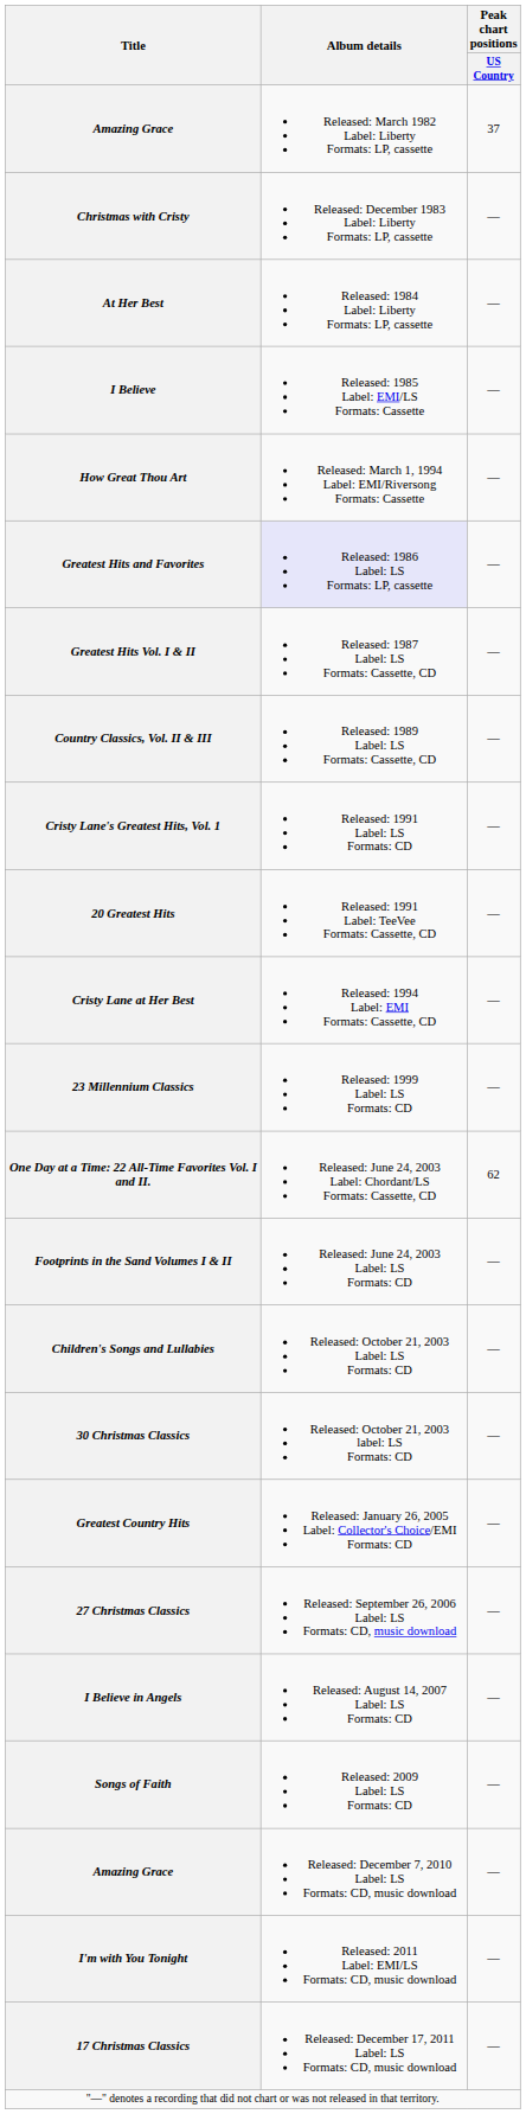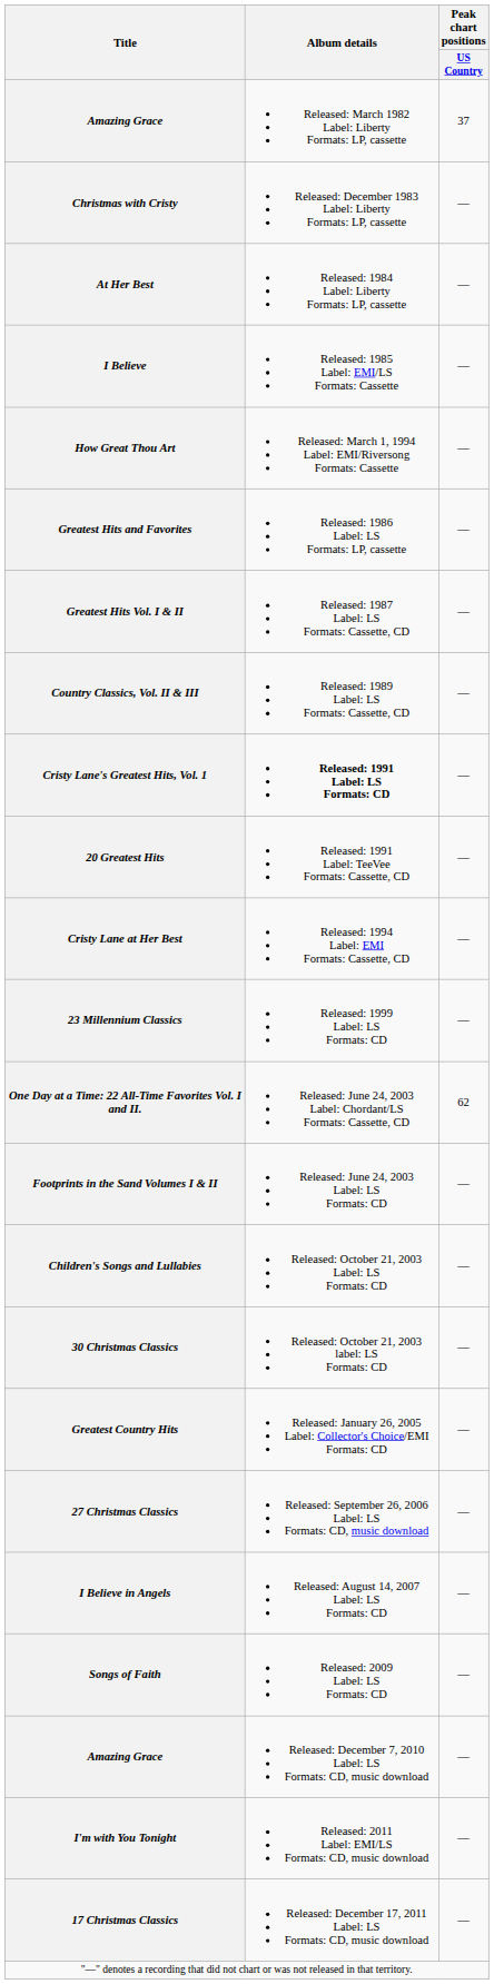 <table class="wikitable plainrowheaders" style="text-align:center;" border="1">
 <tr>
 <th scope="col" rowspan="2" style="width:20em;">Title</th>
 <th scope="col" rowspan="2" style="width:16em;">Album details</th>
 <th scope="col" colspan="1">Peak<br>chart<br>positions</th>
 </tr>
 <tr>
 <th scope="col" style="width:3em;font-size:90%;"><a href='#'>US<br>Country</a><br></th>
 </tr>
 <tr>
 <th scope="row"><em>Amazing Grace</em></th>
 <td><br><ul><li>Released: March 1982</li><li>Label: Liberty</li><li>Formats: LP, cassette</li></ul></td>
 <td>37</td>
 </tr>
 <tr>
 <th scope="row"><em>Christmas with Cristy</em></th>
 <td><br><ul><li>Released: December 1983</li><li>Label: Liberty</li><li>Formats: LP, cassette</li></ul></td>
 <td>—</td>
 </tr>
 <tr>
 <th scope="row"><em>At Her Best</em></th>
 <td><br><ul><li>Released: 1984</li><li>Label: Liberty</li><li>Formats: LP, cassette</li></ul></td>
 <td>—</td>
 </tr>
 <tr>
 <th scope="row"><em>I Believe</em></th>
 <td><br><ul><li>Released: 1985</li><li>Label: <a href='#'>EMI</a>/LS</li><li>Formats: Cassette</li></ul></td>
 <td>—</td>
 </tr>
 <tr>
 <th scope="row"><em>How Great Thou Art</em></th>
 <td><br><ul><li>Released: March 1, 1994</li><li>Label: EMI/Riversong</li><li>Formats: Cassette</li></ul></td>
 <td>—</td>
 </tr>
 <tr>
 <th scope="row"><em>Greatest Hits and Favorites</em></th>
-<td style="background: lavender;"><br><ul><li>Released: 1986</li><li>Label: LS</li><li>Formats: LP, cassette</li></ul></td>
+<td><br><ul><li>Released: 1986</li><li>Label: LS</li><li>Formats: LP, cassette</li></ul></td>
 <td>—</td>
 </tr>
 <tr>
 <th scope="row"><em>Greatest Hits Vol. I & II</em></th>
 <td><br><ul><li>Released: 1987</li><li>Label: LS</li><li>Formats: Cassette, CD</li></ul></td>
 <td>—</td>
 </tr>
 <tr>
 <th scope="row"><em>Country Classics, Vol. II & III</em></th>
 <td><br><ul><li>Released: 1989</li><li>Label: LS</li><li>Formats: Cassette, CD</li></ul></td>
 <td>—</td>
 </tr>
 <tr>
 <th scope="row"><em>Cristy Lane's Greatest Hits, Vol. 1</em></th>
-<td><br><ul><li>Released: 1991</li><li>Label: LS</li><li>Formats: CD</li></ul></td>
+<td><strong><br><ul><li>Released: 1991</li><li>Label: LS</li><li>Formats: CD</li></ul></strong></td>
 <td>—</td>
 </tr>
 <tr>
 <th scope="row"><em>20 Greatest Hits</em></th>
 <td><br><ul><li>Released: 1991</li><li>Label: TeeVee</li><li>Formats: Cassette, CD</li></ul></td>
 <td>—</td>
 </tr>
 <tr>
 <th scope="row"><em>Cristy Lane at Her Best</em></th>
 <td><br><ul><li>Released: 1994</li><li>Label: <a href='#'>EMI</a></li><li>Formats: Cassette, CD</li></ul></td>
 <td>—</td>
 </tr>
 <tr>
 <th scope="row"><em>23 Millennium Classics</em></th>
 <td><br><ul><li>Released: 1999</li><li>Label: LS</li><li>Formats: CD</li></ul></td>
 <td>—</td>
 </tr>
 <tr>
 <th scope="row"><em>One Day at a Time: 22 All-Time Favorites Vol. I and II.</em></th>
 <td><br><ul><li>Released: June 24, 2003</li><li>Label: Chordant/LS</li><li>Formats: Cassette, CD</li></ul></td>
 <td>62</td>
 </tr>
 <tr>
 <th scope="row"><em>Footprints in the Sand Volumes I & II</em></th>
 <td><br><ul><li>Released: June 24, 2003</li><li>Label: LS</li><li>Formats: CD</li></ul></td>
 <td>—</td>
 </tr>
 <tr>
 <th scope="row"><em>Children's Songs and Lullabies</em></th>
 <td><br><ul><li>Released: October 21, 2003</li><li>Label: LS</li><li>Formats: CD</li></ul></td>
 <td>—</td>
 </tr>
 <tr>
 <th scope="row"><em>30 Christmas Classics</em></th>
 <td><br><ul><li>Released: October 21, 2003</li><li>label: LS</li><li>Formats: CD</li></ul></td>
 <td>—</td>
 </tr>
 <tr>
 <th scope="row"><em>Greatest Country Hits</em></th>
 <td><br><ul><li>Released: January 26, 2005</li><li>Label: <a href='#'>Collector's Choice</a>/EMI</li><li>Formats: CD</li></ul></td>
 <td>—</td>
 </tr>
 <tr>
 <th scope="row"><em>27 Christmas Classics</em></th>
 <td><br><ul><li>Released: September 26, 2006</li><li>Label: LS</li><li>Formats: CD, <a href='#'>music download</a></li></ul></td>
 <td>—</td>
 </tr>
 <tr>
 <th scope="row"><em>I Believe in Angels</em></th>
 <td><br><ul><li>Released: August 14, 2007</li><li>Label: LS</li><li>Formats: CD</li></ul></td>
 <td>—</td>
 </tr>
 <tr>
 <th scope="row"><em>Songs of Faith</em></th>
 <td><br><ul><li>Released: 2009</li><li>Label: LS</li><li>Formats: CD</li></ul></td>
 <td>—</td>
 </tr>
 <tr>
 <th scope="row"><em>Amazing Grace</em></th>
 <td><br><ul><li>Released: December 7, 2010</li><li>Label: LS</li><li>Formats: CD, music download</li></ul></td>
 <td>—</td>
 </tr>
 <tr>
 <th scope="row"><em>I'm with You Tonight</em></th>
 <td><br><ul><li>Released: 2011</li><li>Label: EMI/LS</li><li>Formats: CD, music download</li></ul></td>
 <td>—</td>
 </tr>
 <tr>
 <th scope="row"><em>17 Christmas Classics</em></th>
 <td><br><ul><li>Released: December 17, 2011</li><li>Label: LS</li><li>Formats: CD, music download</li></ul></td>
 <td>—</td>
 </tr>
 <tr>
 <td colspan="3" style="font-size:90%">"—" denotes a recording that did not chart or was not released in that territory.</td>
 </tr>
 </table>
